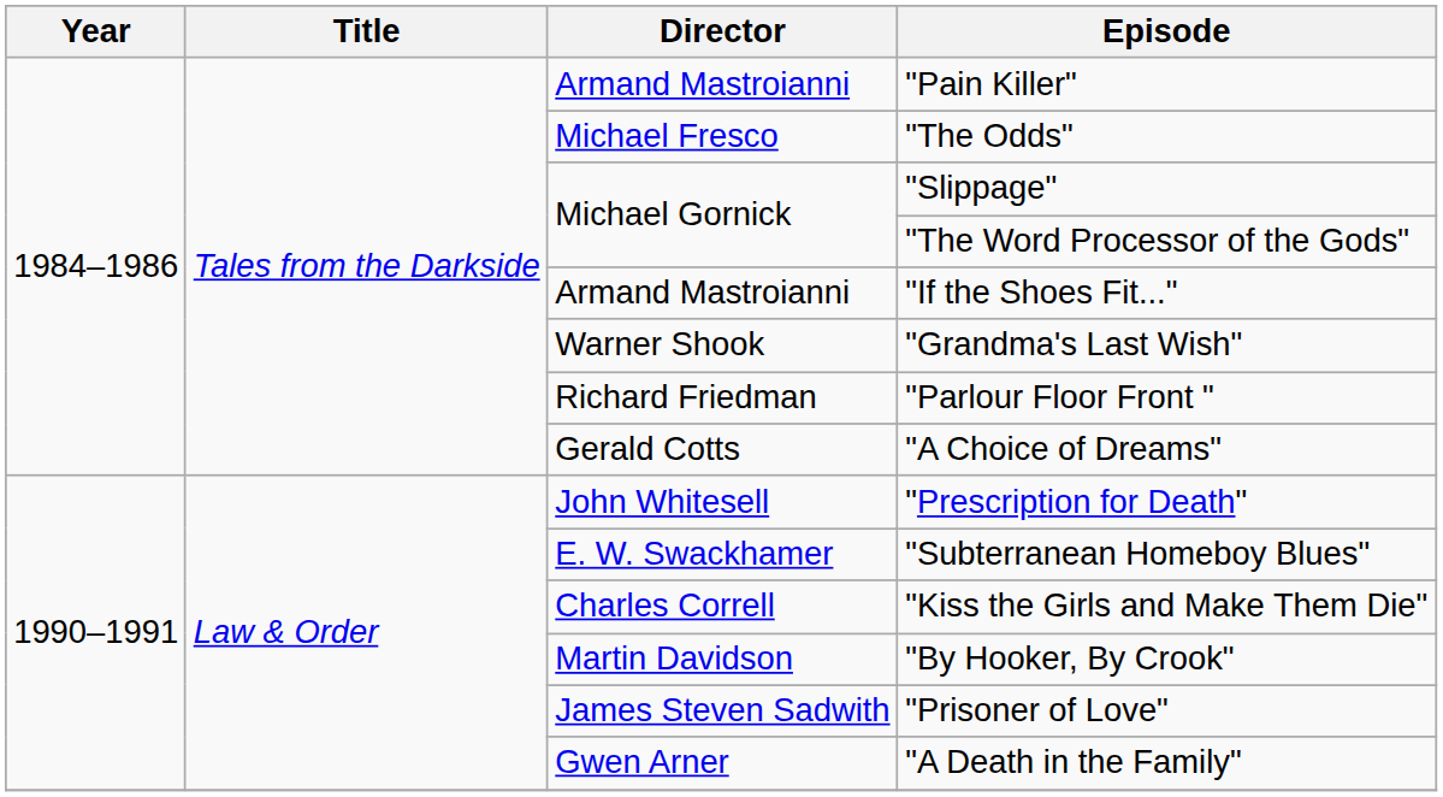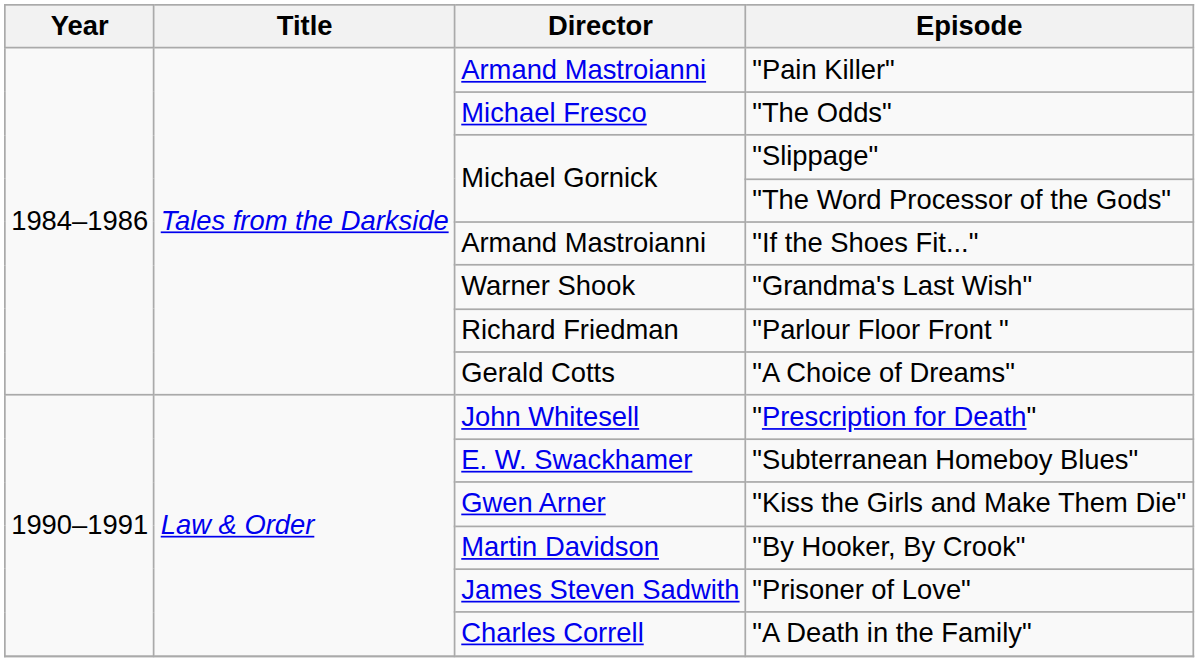 <table class="wikitable">
 <tr>
 <th>Year</th>
 <th>Title</th>
 <th>Director</th>
 <th>Episode</th>
 </tr>
 <tr>
 <td rowspan=8>1984–1986</td>
 <td rowspan=8><em><a href='#'>Tales from the Darkside</a></em></td>
 <td><a href='#'>Armand Mastroianni</a></td>
 <td>"Pain Killer"</td>
 </tr>
 <tr>
 <td><a href='#'>Michael Fresco</a></td>
 <td>"The Odds"</td>
 </tr>
 <tr>
 <td rowspan=2>Michael Gornick</td>
 <td>"Slippage"</td>
 </tr>
 <tr>
 <td>"The Word Processor of the Gods"</td>
 </tr>
 <tr>
 <td>Armand Mastroianni</td>
 <td>"If the Shoes Fit..."</td>
 </tr>
 <tr>
 <td>Warner Shook</td>
 <td>"Grandma's Last Wish"</td>
 </tr>
 <tr>
 <td>Richard Friedman</td>
 <td>"Parlour Floor Front "</td>
 </tr>
 <tr>
 <td>Gerald Cotts</td>
 <td>"A Choice of Dreams"</td>
 </tr>
 <tr>
 <td rowspan=6>1990–1991</td>
 <td rowspan=6><em><a href='#'>Law & Order</a></em></td>
 <td><a href='#'>John Whitesell</a></td>
 <td>"<a href='#'>Prescription for Death</a>"</td>
 </tr>
 <tr>
 <td><a href='#'>E. W. Swackhamer</a></td>
 <td>"Subterranean Homeboy Blues"</td>
 </tr>
 <tr>
-<td><a href='#'>Charles Correll</a></td>
+<td><a href='#'>Gwen Arner</a></td>
 <td>"Kiss the Girls and Make Them Die"</td>
 </tr>
 <tr>
 <td><a href='#'>Martin Davidson</a></td>
 <td>"By Hooker, By Crook"</td>
 </tr>
 <tr>
 <td><a href='#'>James Steven Sadwith</a></td>
 <td>"Prisoner of Love"</td>
 </tr>
 <tr>
-<td><a href='#'>Gwen Arner</a></td>
+<td><a href='#'>Charles Correll</a></td>
 <td>"A Death in the Family"</td>
 </tr>
 <tr>
 </tr>
 </table>
